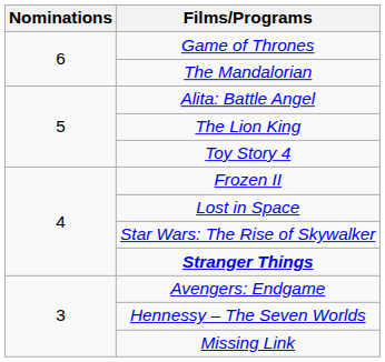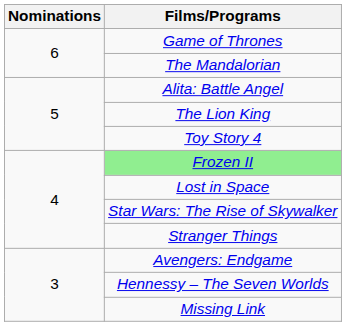 <table class="wikitable" style="text-align: center;">
 <tr>
 <th scope="col" width="55">Nominations</th>
 <th scope="col" align="center">Films/Programs</th>
 </tr>
 <tr>
 <td rowspan=2 style="text-align:center">6</td>
 <td><em><a href='#'>Game of Thrones</a></em></td>
 </tr>
 <tr>
 <td><em><a href='#'>The Mandalorian</a></em></td>
 </tr>
 <tr>
 <td rowspan=3 style="text-align:center">5</td>
 <td><em><a href='#'>Alita: Battle Angel</a></em></td>
 </tr>
 <tr>
 <td><em><a href='#'>The Lion King</a></em></td>
 </tr>
 <tr>
 <td><em><a href='#'>Toy Story 4</a></em></td>
 </tr>
 <tr>
 <td rowspan=4 style="text-align:center">4</td>
-<td><em><a href='#'>Frozen II</a></em></td>
+<td style="background: lightgreen;"><em><a href='#'>Frozen II</a></em></td>
 </tr>
 <tr>
 <td><em><a href='#'>Lost in Space</a></em></td>
 </tr>
 <tr>
 <td><em><a href='#'>Star Wars: The Rise of Skywalker</a></em></td>
 </tr>
 <tr>
-<td><strong><em><a href='#'>Stranger Things</a></em></strong></td>
+<td><em><a href='#'>Stranger Things</a></em></td>
 </tr>
 <tr>
 <td rowspan=3 style="text-align:center">3</td>
 <td><em><a href='#'>Avengers: Endgame</a></em></td>
 </tr>
 <tr>
 <td><em><a href='#'>Hennessy – The Seven Worlds</a></em></td>
 </tr>
 <tr>
 <td><em><a href='#'>Missing Link</a></em></td>
 </tr>
 </table>
